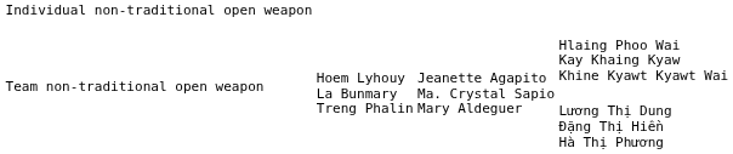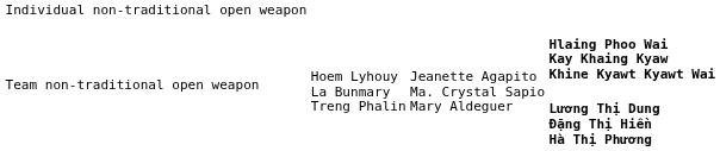 <table>
 <tr>
 <td rowspan=2>Individual non-traditional open weapon</td>
 <td rowspan=2></td>
 <td rowspan=2></td>
 <td></td>
 </tr>
 <tr>
 <td></td>
 </tr>
 <tr>
 <td rowspan=2>Team non-traditional open weapon</td>
 <td rowspan=2><br>Hoem Lyhouy<br>La Bunmary<br>Treng Phalin</td>
 <td rowspan=2><br>Jeanette Agapito<br>Ma. Crystal Sapio<br>Mary Aldeguer</td>
-<td><br>Hlaing Phoo Wai<br>Kay Khaing Kyaw <br>Khine Kyawt Kyawt Wai</td>
+<td><strong><br>Hlaing Phoo Wai<br>Kay Khaing Kyaw <br>Khine Kyawt Kyawt Wai</strong></td>
 </tr>
 <tr>
-<td><br>Lương Thị Dung<br>Đặng Thị Hiền<br>Hà Thị Phương</td>
+<td><strong><br>Lương Thị Dung<br>Đặng Thị Hiền<br>Hà Thị Phương</strong></td>
 </tr>
 <tr>
 </tr>
 </table>
